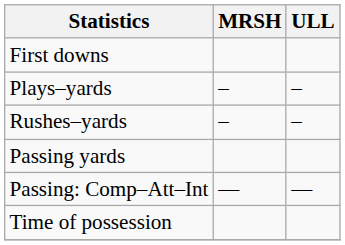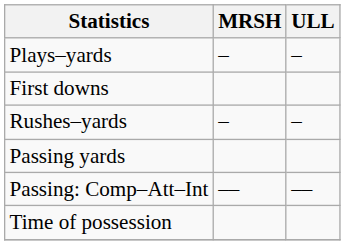 <table class="wikitable" style="float: left;">
 <tr>
 <th>Statistics</th>
 <th>MRSH</th>
 <th>ULL</th>
 </tr>
 <tr>
+<td>Plays–yards</td>
+<td>–</td>
+<td>–</td>
+</tr>
+<tr>
 <td>First downs</td>
 <td></td>
 <td></td>
-</tr>
-<tr>
-<td>Plays–yards</td>
-<td>–</td>
-<td>–</td>
 </tr>
 <tr>
 <td>Rushes–yards</td>
 <td>–</td>
 <td>–</td>
 </tr>
 <tr>
 <td>Passing yards</td>
 <td></td>
 <td></td>
 </tr>
 <tr>
 <td>Passing: Comp–Att–Int</td>
 <td>––</td>
 <td>––</td>
 </tr>
 <tr>
 <td>Time of possession</td>
 <td></td>
 <td></td>
 </tr>
 <tr>
 </tr>
 </table>
